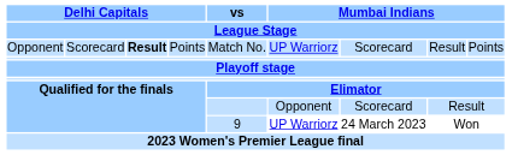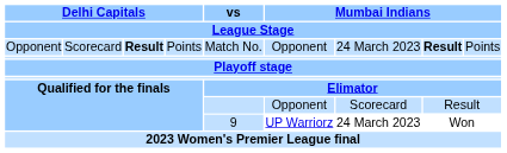 <table style="text-align:center;margin:auto;">
 <tr style="vertical-align:top;background:#99CCFF">
 <th colspan="4"><a href='#'>Delhi Capitals</a></th>
 <th>vs</th>
 <th colspan="4"><a href='#'>Mumbai Indians</a></th>
 </tr>
 <tr style="vertical-align:top;background:#99CCFF">
 <th colspan="9"><a href='#'>League Stage</a></th>
 </tr>
 <tr style="vertical-align:top;background:#C1E0FF">
 <td>Opponent</td>
 <td>Scorecard</td>
 <td><strong>Result</strong></td>
 <td>Points</td>
 <td>Match No.</td>
-<td><a href='#'>UP Warriorz</a></td>
-<td>Scorecard</td>
-<td>Result</td>
+<td>Opponent</td>
+<td>24 March 2023</td>
+<td><strong>Result</strong></td>
 <td>Points</td>
 </tr>
 <tr>
 <td colspan="9" style="text-align:left;background:#C1E0FF;"></td>
 </tr>
 <tr style="vertical-align:top;background:#99CCFF">
 <th colspan="9"><a href='#'>Playoff stage</a></th>
 </tr>
 <tr style="align:center;background:#C1E0FF">
 <th colspan="9"></th>
 </tr>
 <tr style="vertical-align:top;background:#99CCFF">
 <th colspan="4" rowspan="3" style="align:center">Qualified for the finals</th>
 <th colspan="5"><a href='#'>Elimator</a></th>
 </tr>
 <tr style="align:center;background:#C1E0FF">
 <td style="background:#C1E0FF"></td>
 <td>Opponent</td>
 <td>Scorecard</td>
 <td colspan="2">Result</td>
 </tr>
 <tr>
 <td style="background:#C1E0FF">9</td>
 <td><a href='#'>UP Warriorz</a></td>
 <td>24 March 2023</td>
 <td colspan="2">Won</td>
 </tr>
 <tr style="vertical-align:center;background:#C1E0FF">
 <th colspan="9">2023 Women's Premier League final</th>
 </tr>
 </table>
